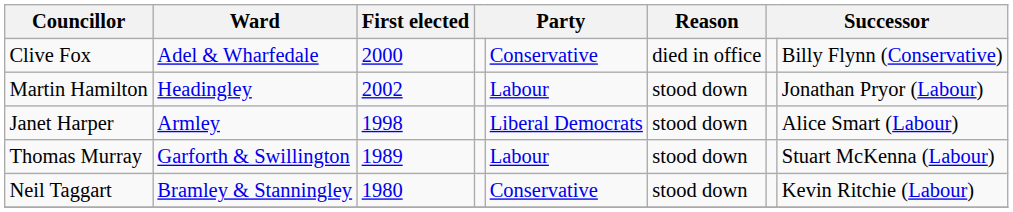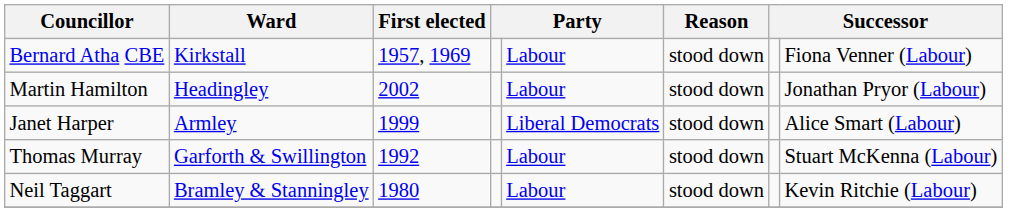 <table class="wikitable sortable" style="font-size:95%;">
 <tr>
 <th scope="col">Councillor</th>
 <th scope="col">Ward</th>
 <th scope="col">First elected</th>
 <th colspan="2" scope="col">Party</th>
 <th scope="col">Reason</th>
 <th colspan="2" scope="col">Successor</th>
 </tr>
 <tr>
-<td>Clive Fox</td>
-<td><a href='#'>Adel & Wharfedale</a></td>
-<td><a href='#'>2000</a></td>
+<td><a href='#'>Bernard Atha</a> <a href='#'>CBE</a></td>
+<td><a href='#'>Kirkstall</a></td>
+<td><a href='#'>1957</a>, <a href='#'>1969</a></td>
 <td width="1" style="color:inherit;background:"></td>
-<td><a href='#'>Conservative</a></td>
-<td>died in office</td>
+<td><a href='#'>Labour</a></td>
+<td>stood down</td>
 <td width="1" style="color:inherit;background:"></td>
-<td>Billy Flynn (<a href='#'>Conservative</a>)</td>
+<td>Fiona Venner (<a href='#'>Labour</a>)</td>
 </tr>
 <tr>
 <td>Martin Hamilton</td>
 <td><a href='#'>Headingley</a></td>
 <td><a href='#'>2002</a></td>
 <td width="1" style="color:inherit;background:"></td>
 <td><a href='#'>Labour</a></td>
 <td>stood down</td>
 <td width="1" style="color:inherit;background:"></td>
 <td>Jonathan Pryor (<a href='#'>Labour</a>)</td>
 </tr>
 <tr>
 <td>Janet Harper</td>
 <td><a href='#'>Armley</a></td>
-<td><a href='#'>1998</a></td>
+<td><a href='#'>1999</a></td>
 <td width="1" style="color:inherit;background:"></td>
 <td><a href='#'>Liberal Democrats</a></td>
 <td>stood down</td>
 <td width="1" style="color:inherit;background:"></td>
 <td>Alice Smart (<a href='#'>Labour</a>)</td>
 </tr>
 <tr>
 <td>Thomas Murray</td>
 <td><a href='#'>Garforth & Swillington</a></td>
-<td><a href='#'>1989</a></td>
+<td><a href='#'>1992</a></td>
 <td width="1" style="color:inherit;background:"></td>
 <td><a href='#'>Labour</a></td>
 <td>stood down</td>
 <td width="1" style="color:inherit;background:"></td>
 <td>Stuart McKenna (<a href='#'>Labour</a>)</td>
 </tr>
 <tr>
 <td>Neil Taggart</td>
 <td><a href='#'>Bramley & Stanningley</a></td>
 <td><a href='#'>1980</a></td>
 <td width="1" style="color:inherit;background:"></td>
-<td><a href='#'>Conservative</a></td>
+<td><a href='#'>Labour</a></td>
 <td>stood down</td>
 <td width="1" style="color:inherit;background:"></td>
 <td>Kevin Ritchie (<a href='#'>Labour</a>)</td>
 </tr>
 <tr>
 </tr>
 </table>
